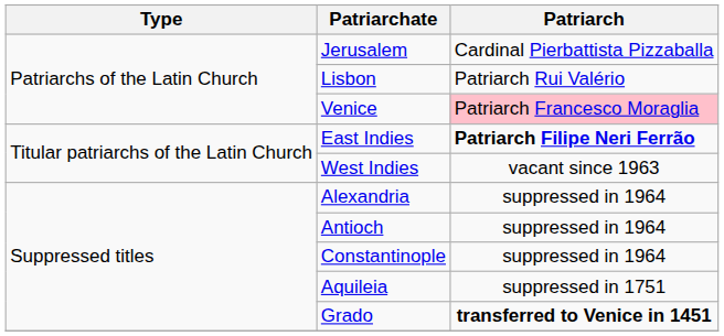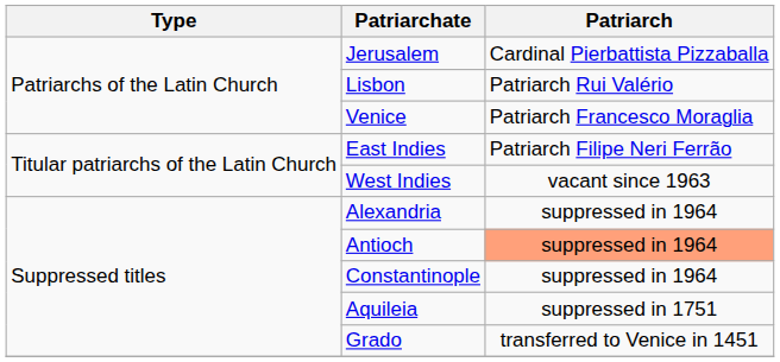 <table class="wikitable" style="margin:0 auto 0 auto">
 <tr>
 <th>Type</th>
 <th>Patriarchate</th>
 <th>Patriarch</th>
 </tr>
 <tr>
 <td rowspan="3">Patriarchs of the Latin Church</td>
 <td><a href='#'>Jerusalem</a></td>
 <td>Cardinal <a href='#'>Pierbattista Pizzaballa</a></td>
 </tr>
 <tr>
 <td><a href='#'>Lisbon</a></td>
 <td>Patriarch <a href='#'>Rui Valério</a></td>
 </tr>
 <tr>
 <td><a href='#'>Venice</a></td>
-<td style="background: pink;">Patriarch <a href='#'>Francesco Moraglia</a></td>
+<td>Patriarch <a href='#'>Francesco Moraglia</a></td>
 </tr>
 <tr>
 <td rowspan="2">Titular patriarchs of the Latin Church</td>
 <td><a href='#'>East Indies</a></td>
-<td><strong>Patriarch <a href='#'>Filipe Neri Ferrão</a></strong></td>
+<td>Patriarch <a href='#'>Filipe Neri Ferrão</a></td>
 </tr>
 <tr>
 <td><a href='#'>West Indies</a></td>
 <td style="text-align:center">vacant since 1963</td>
 </tr>
 <tr>
 <td rowspan="5">Suppressed titles</td>
 <td><a href='#'>Alexandria</a></td>
 <td style="text-align:center">suppressed in 1964</td>
 </tr>
 <tr>
 <td><a href='#'>Antioch</a></td>
-<td style="text-align:center">suppressed in 1964</td>
+<td style="background: lightsalmon; text-align:center">suppressed in 1964</td>
 </tr>
 <tr>
 <td><a href='#'>Constantinople</a></td>
 <td style="text-align:center">suppressed in 1964</td>
 </tr>
 <tr>
 <td><a href='#'>Aquileia</a></td>
 <td style="text-align:center">suppressed in 1751</td>
 </tr>
 <tr>
 <td><a href='#'>Grado</a></td>
-<td style="text-align:center"><strong>transferred to Venice in 1451</strong></td>
+<td style="text-align:center">transferred to Venice in 1451</td>
 </tr>
 <tr>
 </tr>
 </table>
